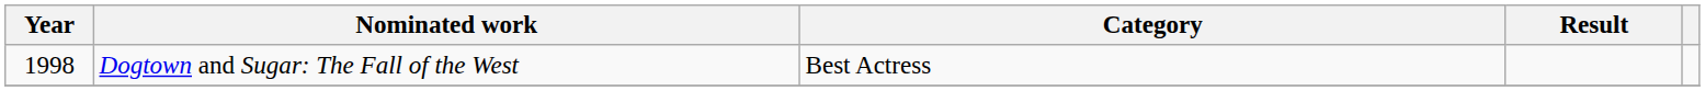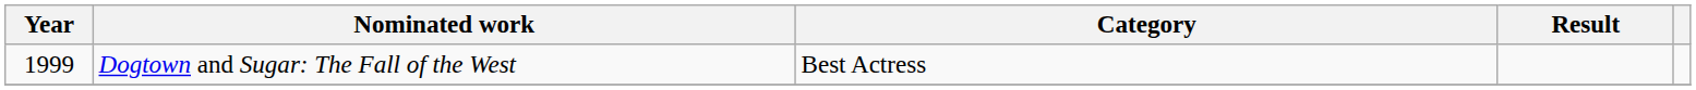 <table class="wikitable" style="width:85%;">
 <tr>
 <th width=5%>Year</th>
 <th style="width:40%;">Nominated work</th>
 <th style="width:40%;">Category</th>
 <th style="width:10%;">Result</th>
 <th width=1%></th>
 </tr>
 <tr>
-<td style="text-align:center;">1998</td>
+<td style="text-align:center;">1999</td>
 <td><em><a href='#'>Dogtown</a></em> and <em>Sugar: The Fall of the West</em></td>
 <td>Best Actress</td>
 <td></td>
 <td style="text-align:center;"></td>
 </tr>
 <tr>
 </tr>
 </table>
